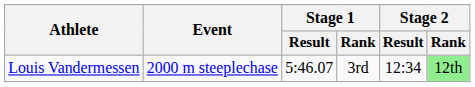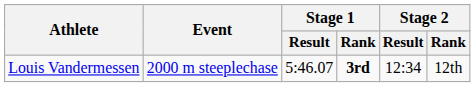 <table class="wikitable" style="font-size:90%">
 <tr>
 <th rowspan=2>Athlete</th>
 <th rowspan=2>Event</th>
 <th colspan=2>Stage 1</th>
 <th colspan=2>Stage 2</th>
 </tr>
 <tr style="font-size:95%">
 <th>Result</th>
 <th>Rank</th>
 <th>Result</th>
 <th>Rank</th>
 </tr>
 <tr align=center>
 <td align=left><a href='#'>Louis Vandermessen</a></td>
 <td align=left><a href='#'>2000 m steeplechase</a></td>
 <td>5:46.07</td>
-<td>3rd</td>
+<td><strong>3rd</strong></td>
 <td>12:34</td>
-<td style="background: lightgreen;">12th</td>
+<td>12th</td>
 </tr>
 </table>
